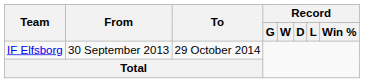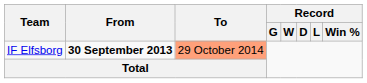 <table class="wikitable" style="text-align: center">
 <tr>
 <th rowspan=2>Team</th>
 <th rowspan=2>From</th>
 <th rowspan=2>To</th>
 <th colspan=5>Record</th>
 </tr>
 <tr>
 <th>G</th>
 <th>W</th>
 <th>D</th>
 <th>L</th>
 <th>Win %</th>
 </tr>
 <tr>
 <td align=left><a href='#'>IF Elfsborg</a></td>
-<td align=left>30 September 2013</td>
-<td align=left>29 October 2014<br></td>
+<td align=left><strong>30 September 2013</strong></td>
+<td align=left style="background: lightsalmon;">29 October 2014<br></td>
 </tr>
 <tr>
 <th colspan=3>Total<br></th>
 </tr>
 </table>
